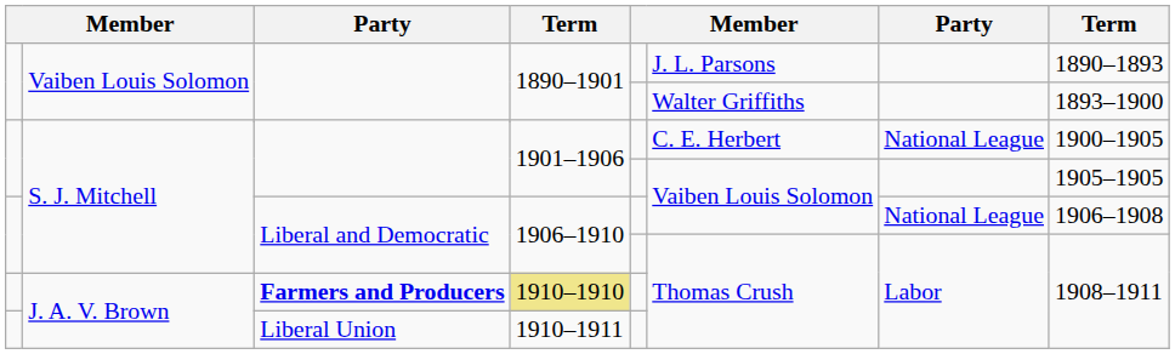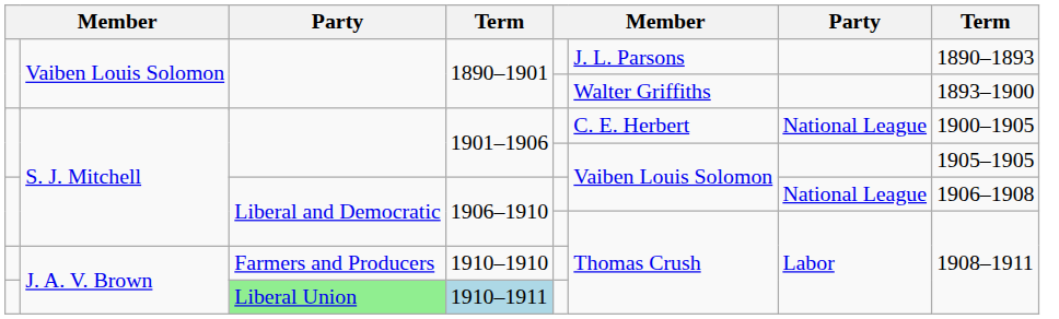 <table class="wikitable">
 <tr>
 <th colspan=2>Member</th>
 <th>Party</th>
 <th>Term</th>
 <th colspan=2>Member</th>
 <th>Party</th>
 <th>Term</th>
 </tr>
 <tr>
 <td rowspan=3 > </td>
 <td rowspan=3><a href='#'>Vaiben Louis Solomon</a></td>
 <td rowspan=3></td>
 <td rowspan=3>1890–1901</td>
 <td> </td>
 <td><a href='#'>J. L. Parsons</a></td>
 <td></td>
 <td>1890–1893</td>
 </tr>
 <tr>
 <td> </td>
 <td><a href='#'>Walter Griffiths</a></td>
 <td></td>
 <td>1893–1900</td>
 </tr>
 <tr>
 <td rowspan=2 > </td>
 <td rowspan=2><a href='#'>C. E. Herbert</a></td>
 <td rowspan=2><a href='#'>National League</a></td>
 <td rowspan=2>1900–1905</td>
 </tr>
 <tr>
 <td rowspan=2 > </td>
 <td rowspan=4><a href='#'>S. J. Mitchell</a></td>
 <td rowspan=2></td>
 <td rowspan=2>1901–1906</td>
 </tr>
 <tr>
 <td> </td>
 <td rowspan=2><a href='#'>Vaiben Louis Solomon</a></td>
 <td></td>
 <td>1905–1905</td>
 </tr>
 <tr>
 <td rowspan=2 > </td>
 <td rowspan=2><a href='#'>Liberal and Democratic</a></td>
 <td rowspan=2>1906–1910</td>
 <td> </td>
 <td><a href='#'>National League</a></td>
 <td>1906–1908</td>
 </tr>
 <tr>
 <td> </td>
 <td rowspan=3><a href='#'>Thomas Crush</a></td>
 <td rowspan=3><a href='#'>Labor</a></td>
 <td rowspan=3>1908–1911</td>
 </tr>
 <tr>
 <td> </td>
 <td rowspan=2><a href='#'>J. A. V. Brown</a></td>
-<td><strong><a href='#'>Farmers and Producers</a></strong></td>
-<td style="background: khaki;">1910–1910</td>
+<td><a href='#'>Farmers and Producers</a></td>
+<td>1910–1910</td>
 <td> </td>
 </tr>
 <tr>
 <td> </td>
-<td><a href='#'>Liberal Union</a></td>
-<td>1910–1911</td>
+<td style="background: lightgreen;"><a href='#'>Liberal Union</a></td>
+<td style="background: lightblue;">1910–1911</td>
 <td> </td>
 </tr>
 </table>
